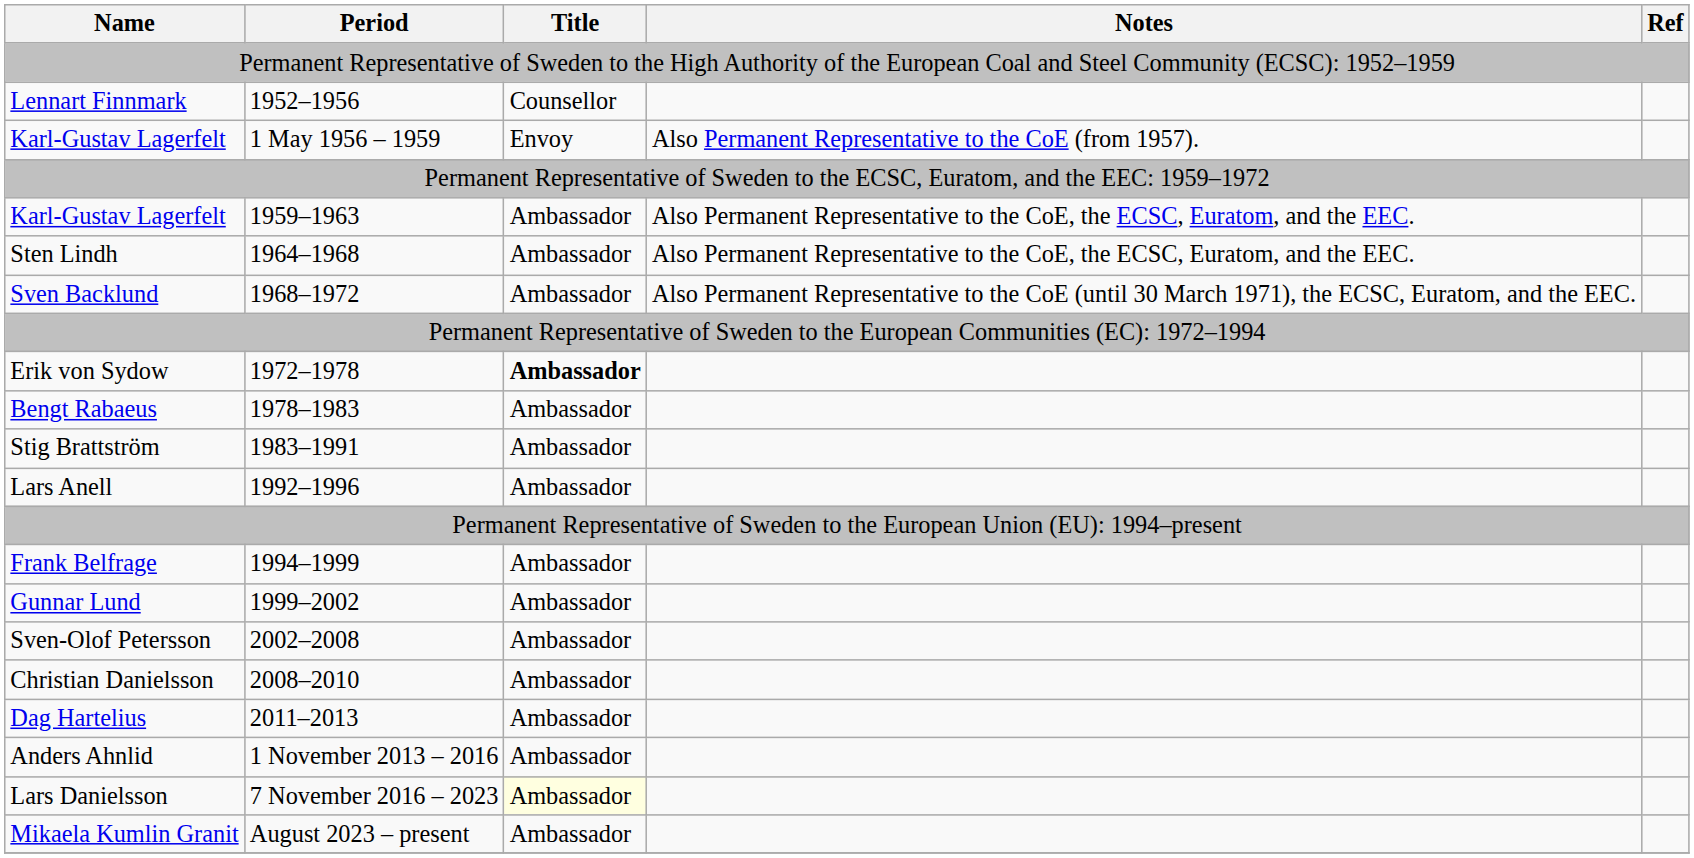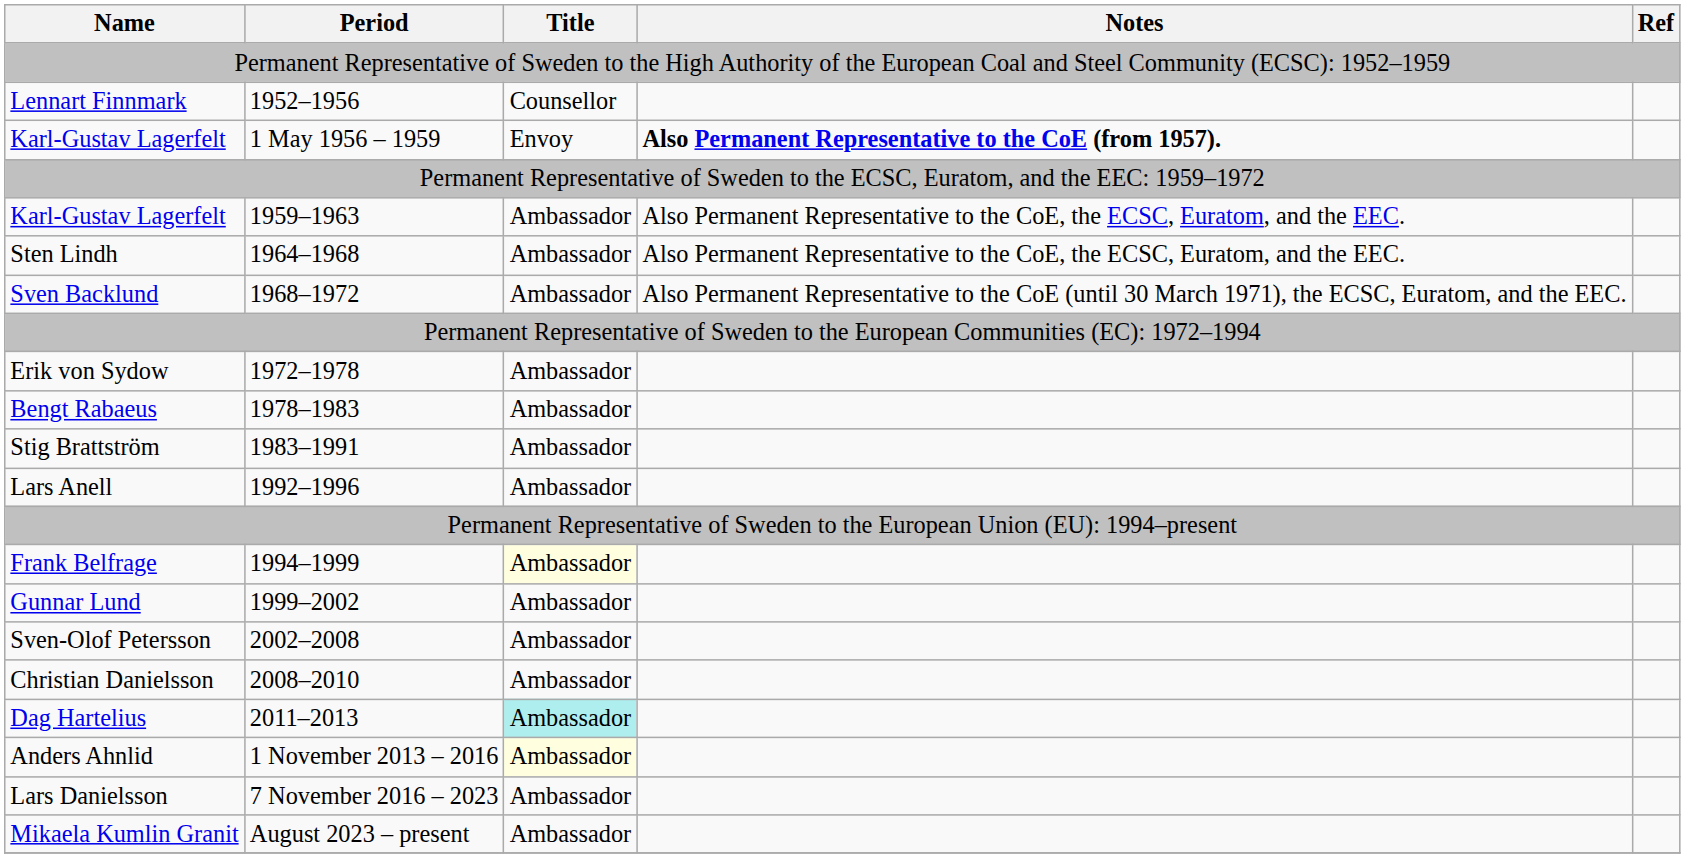 <table class="wikitable">
 <tr>
 <th>Name</th>
 <th>Period</th>
 <th>Title</th>
 <th>Notes</th>
 <th>Ref</th>
 </tr>
 <tr>
 <td colspan="5" style="background: silver; text-align: center;">Permanent Representative of Sweden to the High Authority of the European Coal and Steel Community (ECSC): 1952–1959</td>
 </tr>
 <tr>
 <td><a href='#'>Lennart Finnmark</a></td>
 <td>1952–1956</td>
 <td>Counsellor</td>
 <td></td>
 <td></td>
 </tr>
 <tr>
 <td><a href='#'>Karl-Gustav Lagerfelt</a></td>
 <td>1 May 1956 – 1959</td>
 <td>Envoy</td>
-<td>Also <a href='#'>Permanent Representative to the CoE</a> (from 1957).</td>
+<td><strong>Also <a href='#'>Permanent Representative to the CoE</a> (from 1957).</strong></td>
 <td></td>
 </tr>
 <tr>
 <td colspan="5" style="background: silver; text-align: center;">Permanent Representative of Sweden to the ECSC, Euratom, and the EEC: 1959–1972</td>
 </tr>
 <tr>
 <td><a href='#'>Karl-Gustav Lagerfelt</a></td>
 <td>1959–1963</td>
 <td>Ambassador</td>
 <td>Also Permanent Representative to the CoE, the <a href='#'>ECSC</a>, <a href='#'>Euratom</a>, and the <a href='#'>EEC</a>.</td>
 <td></td>
 </tr>
 <tr>
 <td>Sten Lindh</td>
 <td>1964–1968</td>
 <td>Ambassador</td>
 <td>Also Permanent Representative to the CoE, the ECSC, Euratom, and the EEC.</td>
 <td></td>
 </tr>
 <tr>
 <td><a href='#'>Sven Backlund</a></td>
 <td>1968–1972</td>
 <td>Ambassador</td>
 <td>Also Permanent Representative to the CoE (until 30 March 1971), the ECSC, Euratom, and the EEC.</td>
 <td></td>
 </tr>
 <tr>
 <td colspan="5" style="background: silver; text-align: center;">Permanent Representative of Sweden to the European Communities (EC): 1972–1994</td>
 </tr>
 <tr>
 <td>Erik von Sydow</td>
 <td>1972–1978</td>
-<td><strong>Ambassador</strong></td>
+<td>Ambassador</td>
 <td></td>
 <td></td>
 </tr>
 <tr>
 <td><a href='#'>Bengt Rabaeus</a></td>
 <td>1978–1983</td>
 <td>Ambassador</td>
 <td></td>
 <td></td>
 </tr>
 <tr>
 <td>Stig Brattström</td>
 <td>1983–1991</td>
 <td>Ambassador</td>
 <td></td>
 <td></td>
 </tr>
 <tr>
 <td>Lars Anell</td>
 <td>1992–1996</td>
 <td>Ambassador</td>
 <td></td>
 <td></td>
 </tr>
 <tr>
 <td colspan="8" style="background: silver; text-align: center;">Permanent Representative of Sweden to the European Union (EU): 1994–present</td>
 </tr>
 <tr>
 <td><a href='#'>Frank Belfrage</a></td>
 <td>1994–1999</td>
-<td>Ambassador</td>
+<td style="background: lightyellow;">Ambassador</td>
 <td></td>
 <td></td>
 </tr>
 <tr>
 <td><a href='#'>Gunnar Lund</a></td>
 <td>1999–2002</td>
 <td>Ambassador</td>
 <td></td>
 <td></td>
 </tr>
 <tr>
 <td>Sven-Olof Petersson</td>
 <td>2002–2008</td>
 <td>Ambassador</td>
 <td></td>
 <td></td>
 </tr>
 <tr>
 <td>Christian Danielsson</td>
 <td>2008–2010</td>
 <td>Ambassador</td>
 <td></td>
 <td></td>
 </tr>
 <tr>
 <td><a href='#'>Dag Hartelius</a></td>
 <td>2011–2013</td>
-<td>Ambassador</td>
+<td style="background: paleturquoise;">Ambassador</td>
 <td></td>
 <td></td>
 </tr>
 <tr>
 <td>Anders Ahnlid</td>
 <td>1 November 2013 – 2016</td>
-<td>Ambassador</td>
+<td style="background: lightyellow;">Ambassador</td>
 <td></td>
 <td></td>
 </tr>
 <tr>
 <td>Lars Danielsson</td>
 <td>7 November 2016 – 2023</td>
-<td style="background: lightyellow;">Ambassador</td>
+<td>Ambassador</td>
 <td></td>
 <td></td>
 </tr>
 <tr>
 <td><a href='#'>Mikaela Kumlin Granit</a></td>
 <td>August 2023 – present</td>
 <td>Ambassador</td>
 <td></td>
 <td></td>
 </tr>
 <tr>
 </tr>
 </table>
